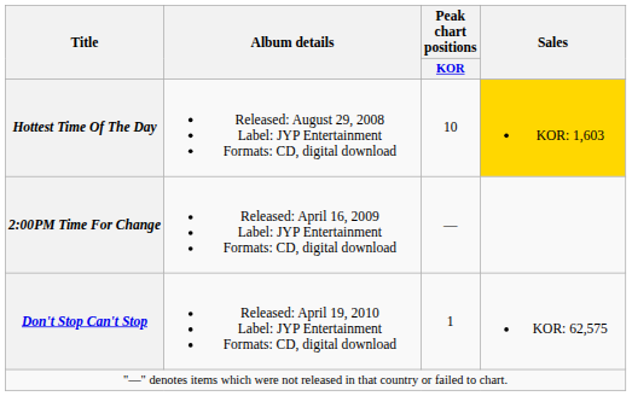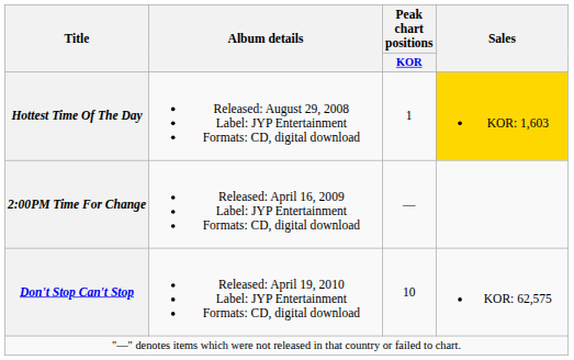 <table class="wikitable plainrowheaders" style="text-align:center;">
 <tr>
 <th rowspan="2">Title</th>
 <th rowspan="2" style="width:18em;">Album details</th>
 <th>Peak chart positions</th>
 <th rowspan="2" style="width:10em;">Sales</th>
 </tr>
 <tr>
 <th scope="col" style="width:3em;font-size:90%;"><a href='#'>KOR</a><br></th>
 </tr>
 <tr>
 <th scope="row"><em>Hottest Time Of The Day</em></th>
 <td><br><ul><li>Released: August 29, 2008</li><li>Label: JYP Entertainment</li><li>Formats: CD, digital download</li></ul></td>
-<td>10</td>
+<td>1</td>
 <td style="background: gold;"><br><ul><li>KOR: 1,603</li></ul></td>
 </tr>
 <tr>
 <th scope="row"><em>2:00PM Time For Change</em></th>
 <td><br><ul><li>Released: April 16, 2009</li><li>Label: JYP Entertainment</li><li>Formats: CD, digital download</li></ul></td>
 <td>—</td>
 <td></td>
 </tr>
 <tr>
 <th scope="row"><em><a href='#'>Don't Stop Can't Stop</a></em></th>
 <td><br><ul><li>Released: April 19, 2010</li><li>Label: JYP Entertainment</li><li>Formats: CD, digital download</li></ul></td>
-<td>1</td>
+<td>10</td>
 <td><br><ul><li>KOR: 62,575</li></ul></td>
 </tr>
 <tr>
 <td colspan="4" style="font-size:90%">"—" denotes items which were not released in that country or failed to chart.</td>
 </tr>
 </table>
